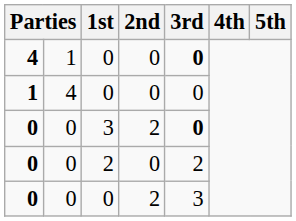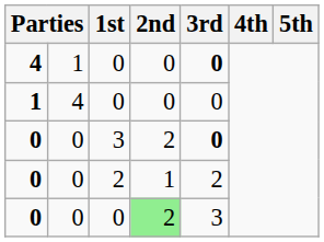 <table class="wikitable" style="text-align:right;">
 <tr>
 <th colspan=2 style="text-align:left;">Parties</th>
 <th>1st</th>
 <th>2nd</th>
 <th>3rd</th>
 <th>4th</th>
 <th>5th</th>
 </tr>
 <tr>
 <td><strong>4</strong></td>
 <td>1</td>
 <td>0</td>
 <td>0</td>
 <td><strong>0</strong></td>
 </tr>
 <tr>
 <td><strong>1</strong></td>
 <td>4</td>
 <td>0</td>
 <td>0</td>
 <td>0</td>
 </tr>
 <tr>
 <td><strong>0</strong></td>
 <td>0</td>
 <td>3</td>
 <td>2</td>
 <td><strong>0</strong></td>
 </tr>
 <tr>
 <td><strong>0</strong></td>
 <td>0</td>
 <td>2</td>
-<td>0</td>
+<td>1</td>
 <td>2</td>
 </tr>
 <tr>
 <td><strong>0</strong></td>
 <td>0</td>
 <td>0</td>
-<td>2</td>
+<td style="background: lightgreen;">2</td>
 <td>3</td>
 </tr>
 </table>
